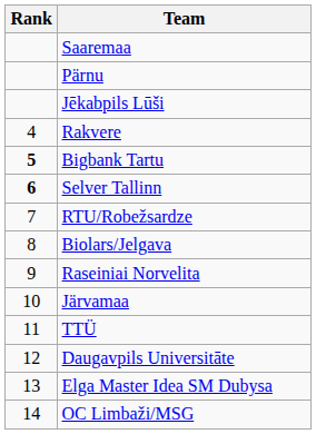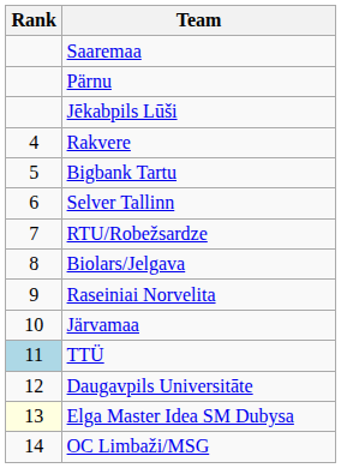 <table class=wikitable style="text-align:center">
 <tr>
 <th width=40>Rank</th>
 <th width=220>Team</th>
 </tr>
 <tr>
 <td></td>
 <td align=left> <a href='#'>Saaremaa</a></td>
 </tr>
 <tr>
 <td></td>
 <td align=left> <a href='#'>Pärnu</a></td>
 </tr>
 <tr>
 <td></td>
 <td align=left> <a href='#'>Jēkabpils Lūši</a></td>
 </tr>
 <tr>
 <td>4</td>
 <td align=left> <a href='#'>Rakvere</a></td>
 </tr>
 <tr>
-<td><strong>5</strong></td>
+<td>5</td>
 <td align=left> <a href='#'>Bigbank Tartu</a></td>
 </tr>
 <tr>
-<td><strong>6</strong></td>
+<td>6</td>
 <td align=left> <a href='#'>Selver Tallinn</a></td>
 </tr>
 <tr>
 <td>7</td>
 <td align=left> <a href='#'>RTU/Robežsardze</a></td>
 </tr>
 <tr>
 <td>8</td>
 <td align=left> <a href='#'>Biolars/Jelgava</a></td>
 </tr>
 <tr>
 <td>9</td>
 <td align=left> <a href='#'>Raseiniai Norvelita</a></td>
 </tr>
 <tr>
 <td>10</td>
 <td align=left> <a href='#'>Järvamaa</a></td>
 </tr>
 <tr>
-<td>11</td>
+<td style="background: lightblue;">11</td>
 <td align=left> <a href='#'>TTÜ</a></td>
 </tr>
 <tr>
 <td>12</td>
 <td align=left> <a href='#'>Daugavpils Universitāte</a></td>
 </tr>
 <tr>
-<td>13</td>
+<td style="background: lightyellow;">13</td>
 <td align=left> <a href='#'>Elga Master Idea SM Dubysa</a></td>
 </tr>
 <tr>
 <td>14</td>
 <td align=left> <a href='#'>OC Limbaži/MSG</a></td>
 </tr>
 </table>
